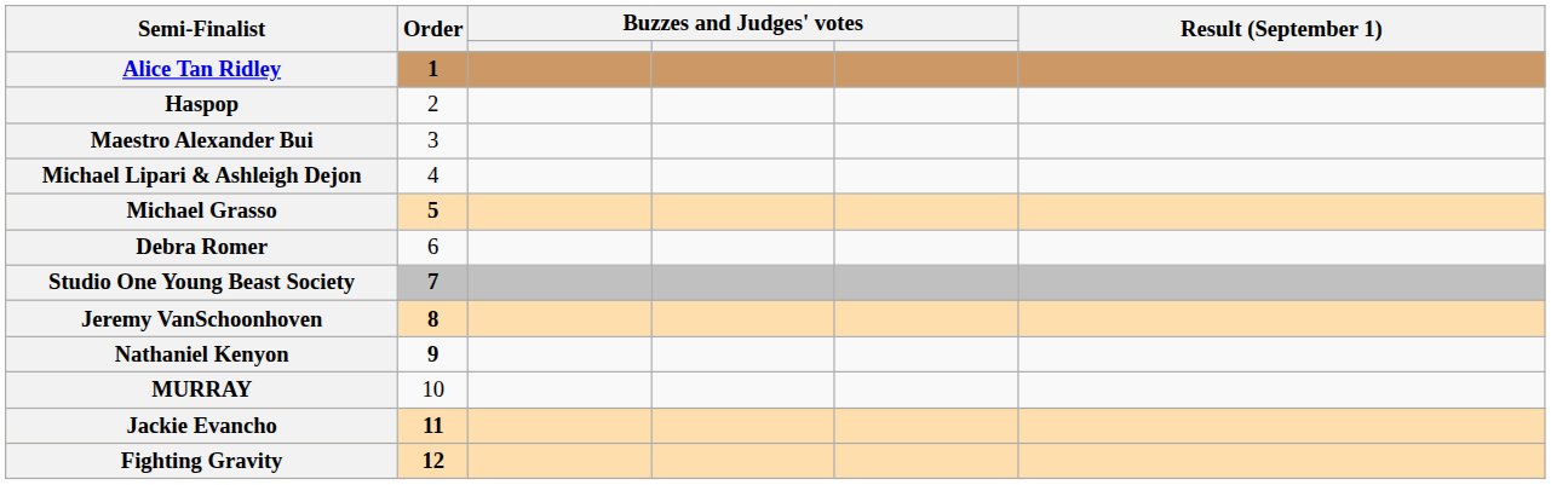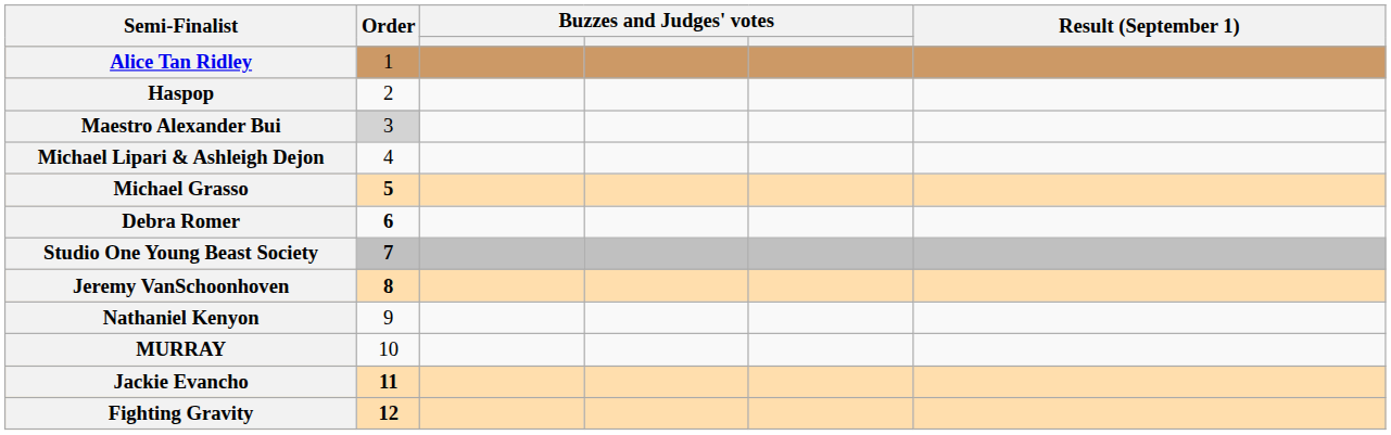 <table class="wikitable plainrowheaders sortable" style="text-align:center;">
 <tr>
 <th scope="col" rowspan="2" class="unsortable" style="width:17em;">Semi-Finalist</th>
 <th scope="col" rowspan="2" style="width:1em;">Order</th>
 <th scope="col" colspan="3" class="unsortable" style="width:24em;">Buzzes and Judges' votes</th>
 <th scope="col" rowspan="2" style="width:23em;">Result (September 1)</th>
 </tr>
 <tr>
 <th scope="col" class="unsortable" style="width:6em;"></th>
 <th scope="col" class="unsortable" style="width:6em;"></th>
 <th scope="col" class="unsortable" style="width:6em;"></th>
 </tr>
 <tr style="background:#c96;">
 <th scope="row"><a href='#'>Alice Tan Ridley</a></th>
-<td><strong>1</strong></td>
+<td>1</td>
 <td style="text-align:center;"></td>
 <td style="text-align:center;"></td>
 <td style="text-align:center;"></td>
 <td></td>
 </tr>
 <tr>
 <th scope="row">Haspop</th>
 <td>2</td>
 <td style="text-align:center;"></td>
 <td style="text-align:center;"></td>
 <td style="text-align:center;"></td>
 <td></td>
 </tr>
 <tr>
 <th scope="row">Maestro Alexander Bui</th>
-<td>3</td>
+<td style="background: lightgrey;">3</td>
 <td style="text-align:center;"></td>
 <td style="text-align:center;"></td>
 <td style="text-align:center;"></td>
 <td></td>
 </tr>
 <tr>
 <th scope="row">Michael Lipari & Ashleigh Dejon</th>
 <td>4</td>
 <td style="text-align:center;"></td>
 <td style="text-align:center;"></td>
 <td style="text-align:center;"></td>
 <td></td>
 </tr>
 <tr style="background:NavajoWhite;">
 <th scope="row"><strong>Michael Grasso</strong></th>
 <td><strong>5</strong></td>
 <td style="text-align:center;"></td>
 <td style="text-align:center;"></td>
 <td style="text-align:center;"></td>
 <td><strong></strong></td>
 </tr>
 <tr>
 <th scope="row">Debra Romer</th>
-<td>6</td>
+<td><strong>6</strong></td>
 <td style="text-align:center;"></td>
 <td style="text-align:center;"></td>
 <td style="text-align:center;"></td>
 <td></td>
 </tr>
 <tr style="background:silver;">
 <th scope="row"><strong>Studio One Young Beast Society</strong></th>
 <td><strong>7</strong></td>
 <td style="text-align:center;"></td>
 <td style="text-align:center;"></td>
 <td style="text-align:center;"></td>
 <td><strong></strong></td>
 </tr>
 <tr style="background:NavajoWhite;">
 <th scope="row"><strong>Jeremy VanSchoonhoven</strong></th>
 <td><strong>8</strong></td>
 <td style="text-align:center;"></td>
 <td style="text-align:center;"></td>
 <td style="text-align:center;"></td>
 <td><strong></strong></td>
 </tr>
 <tr>
 <th scope="row">Nathaniel Kenyon</th>
-<td><strong>9</strong></td>
+<td>9</td>
 <td style="text-align:center;"></td>
 <td style="text-align:center;"></td>
 <td style="text-align:center;"></td>
 <td></td>
 </tr>
 <tr>
 <th scope="row">MURRAY</th>
 <td>10</td>
 <td style="text-align:center;"></td>
 <td style="text-align:center;"></td>
 <td style="text-align:center;"></td>
 <td></td>
 </tr>
 <tr style="background:NavajoWhite;">
 <th scope="row"><strong>Jackie Evancho</strong></th>
 <td><strong>11</strong></td>
 <td style="text-align:center;"></td>
 <td style="text-align:center;"></td>
 <td style="text-align:center;"></td>
 <td><strong></strong></td>
 </tr>
 <tr style="background:NavajoWhite;">
 <th scope="row"><strong>Fighting Gravity</strong></th>
 <td><strong>12</strong></td>
 <td style="text-align:center;"></td>
 <td style="text-align:center;"></td>
 <td style="text-align:center;"></td>
 <td><strong></strong></td>
 </tr>
 </table>
